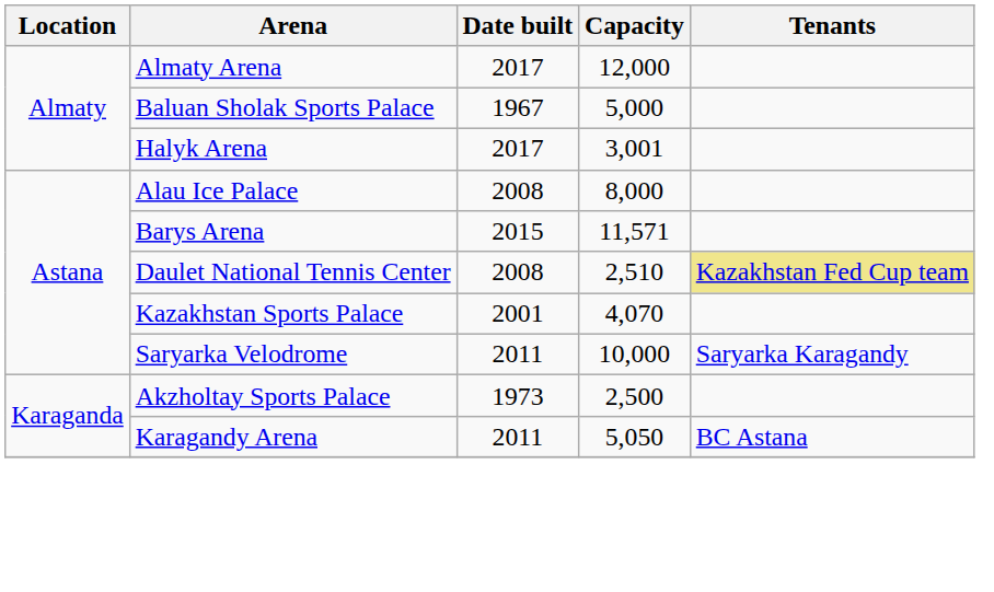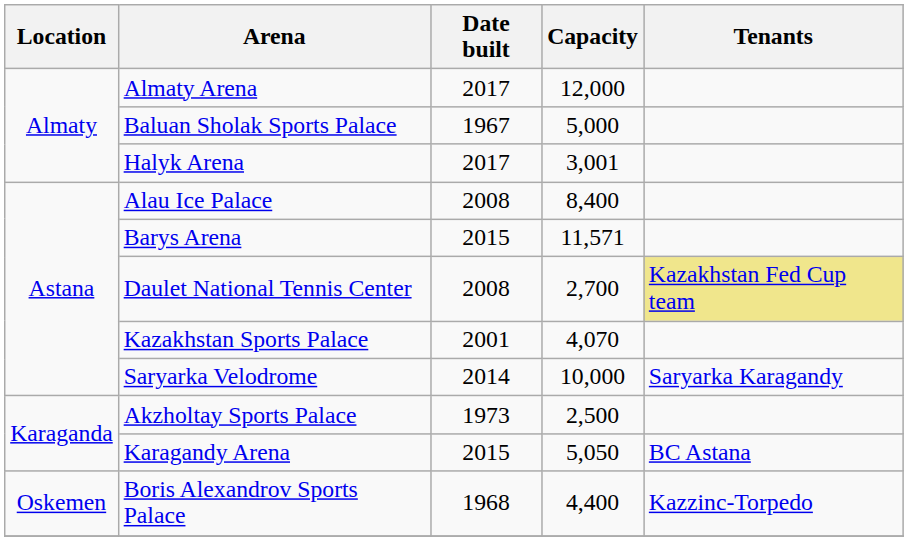 <table class="wikitable sortable">
 <tr>
 <th>Location</th>
 <th>Arena</th>
 <th>Date built</th>
 <th>Capacity</th>
 <th>Tenants</th>
 </tr>
 <tr>
 <td align="center" rowspan="3"><a href='#'>Almaty</a></td>
 <td><a href='#'>Almaty Arena</a></td>
 <td align="center">2017</td>
 <td align="center">12,000</td>
 <td></td>
 </tr>
 <tr>
 <td><a href='#'>Baluan Sholak Sports Palace</a></td>
 <td align="center">1967</td>
 <td align="center">5,000</td>
 <td></td>
 </tr>
 <tr>
 <td><a href='#'>Halyk Arena</a></td>
 <td align="center">2017</td>
 <td align="center">3,001</td>
 <td></td>
 </tr>
 <tr>
 <td align="center" rowspan="5"><a href='#'>Astana</a></td>
 <td><a href='#'>Alau Ice Palace</a></td>
 <td align="center">2008</td>
-<td align="center">8,000</td>
+<td align="center">8,400</td>
 <td></td>
 </tr>
 <tr>
 <td><a href='#'>Barys Arena</a></td>
 <td align="center">2015</td>
 <td align="center">11,571</td>
 <td></td>
 </tr>
 <tr>
 <td><a href='#'>Daulet National Tennis Center</a></td>
 <td align="center">2008</td>
-<td align="center">2,510</td>
+<td align="center">2,700</td>
 <td style="background: khaki;"><a href='#'>Kazakhstan Fed Cup team</a></td>
 </tr>
 <tr>
 <td><a href='#'>Kazakhstan Sports Palace</a></td>
 <td align="center">2001</td>
 <td align="center">4,070</td>
 <td></td>
 </tr>
 <tr>
 <td><a href='#'>Saryarka Velodrome</a></td>
-<td align="center">2011</td>
+<td align="center">2014</td>
 <td align="center">10,000</td>
 <td><a href='#'>Saryarka Karagandy</a></td>
 </tr>
 <tr>
 <td align="center" rowspan="2"><a href='#'>Karaganda</a></td>
 <td><a href='#'>Akzholtay Sports Palace</a></td>
 <td align="center">1973</td>
 <td align="center">2,500</td>
 <td></td>
 </tr>
 <tr>
 <td><a href='#'>Karagandy Arena</a></td>
-<td align="center">2011</td>
+<td align="center">2015</td>
 <td align="center">5,050</td>
 <td><a href='#'>BC Astana</a></td>
 </tr>
 <tr>
+<td align="center"><a href='#'>Oskemen</a></td>
+<td><a href='#'>Boris Alexandrov Sports Palace</a></td>
+<td align="center">1968</td>
+<td align="center">4,400</td>
+<td><a href='#'>Kazzinc-Torpedo</a></td>
+</tr>
+<tr>
 </tr>
 </table>
